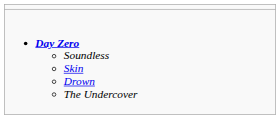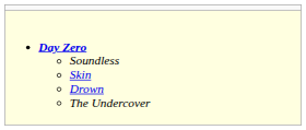 <table class="wikitable">
 <tr>
 <td style="vertical-align:top; width:50%;"></td>
 </tr>
 <tr>
-<td valign="top"><br><ul><li><a href='#'><strong><em>Day Zero</em></strong></a><ul><li><em>Soundless</em></li><li><a href='#'><em>Skin</em></a></li><li><em><a href='#'>Drown</a></em></li><li><em>The Undercover</em></li></ul></li></ul></td>
+<td valign="top" style="background: lightyellow;"><br><ul><li><a href='#'><strong><em>Day Zero</em></strong></a><ul><li><em>Soundless</em></li><li><a href='#'><em>Skin</em></a></li><li><em><a href='#'>Drown</a></em></li><li><em>The Undercover</em></li></ul></li></ul></td>
 </tr>
 </table>
